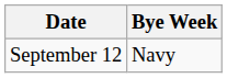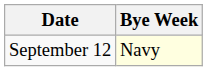 <table class="wikitable" style="font-size:95%;">
 <tr>
 <th>Date</th>
 <th colspan="1">Bye Week</th>
 </tr>
 <tr>
 <td>September 12</td>
-<td>Navy</td>
+<td style="background: lightyellow;">Navy</td>
 </tr>
 </table>
